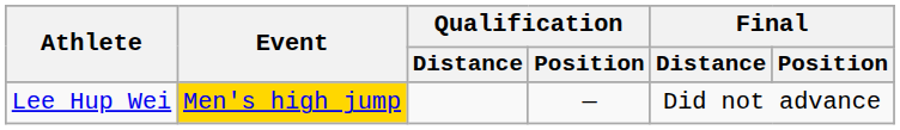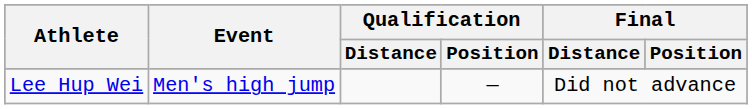 <table class=wikitable style="font-size:90%">
 <tr>
 <th rowspan="2">Athlete</th>
 <th rowspan="2">Event</th>
 <th colspan="2">Qualification</th>
 <th colspan="2">Final</th>
 </tr>
 <tr style="font-size:95%">
 <th>Distance</th>
 <th>Position</th>
 <th>Distance</th>
 <th>Position</th>
 </tr>
 <tr align=center>
 <td align=left><a href='#'>Lee Hup Wei</a></td>
-<td align=left style="background: gold;"><a href='#'>Men's high jump</a></td>
+<td align=left><a href='#'>Men's high jump</a></td>
 <td></td>
 <td>—</td>
 <td colspan="2">Did not advance</td>
 </tr>
 </table>
